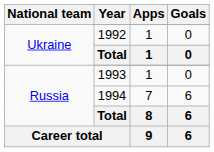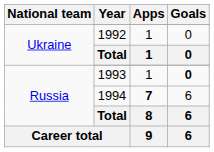 <table class="wikitable" style="text-align:center">
 <tr>
 <th>National team</th>
 <th>Year</th>
 <th>Apps</th>
 <th>Goals</th>
 </tr>
 <tr>
 <td rowspan="3"><a href='#'>Ukraine</a></td>
 </tr>
 <tr>
 <td>1992</td>
 <td>1</td>
 <td>0</td>
 </tr>
 <tr>
 <th>Total</th>
 <th>1</th>
 <th>0</th>
 </tr>
 <tr>
 <td rowspan="4"><a href='#'>Russia</a></td>
 </tr>
 <tr>
 <td>1993</td>
 <td>1</td>
-<td>0</td>
+<td><strong>0</strong></td>
 </tr>
 <tr>
 <td>1994</td>
-<td>7</td>
+<td><strong>7</strong></td>
 <td>6</td>
 </tr>
 <tr>
 <th>Total</th>
 <th>8</th>
 <th>6</th>
 </tr>
 <tr>
 <th colspan="2">Career total</th>
 <th>9</th>
 <th>6</th>
 </tr>
 </table>
